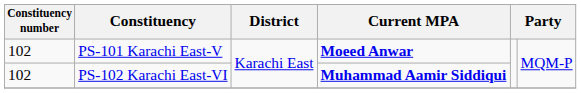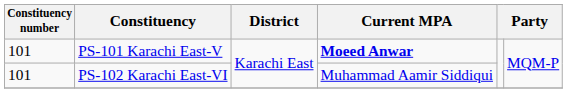 <table class="wikitable">
 <tr>
 <th width="50px" style="font-size:75%">Constituency number</th>
 <th>Constituency</th>
 <th>District</th>
 <th>Current MPA</th>
 <th colspan="2">Party</th>
 </tr>
 <tr>
-<td>102</td>
+<td>101</td>
 <td><a href='#'>PS-101 Karachi East-V</a></td>
 <td rowspan="2"><a href='#'>Karachi East</a></td>
 <td><strong><a href='#'>Moeed Anwar</a></strong></td>
 <td rowspan="2"></td>
 <td rowspan="2"><a href='#'>MQM-P</a></td>
 </tr>
 <tr>
-<td>102</td>
+<td>101</td>
 <td><a href='#'>PS-102 Karachi East-VI</a></td>
-<td><strong><a href='#'>Muhammad Aamir Siddiqui</a></strong></td>
+<td><a href='#'>Muhammad Aamir Siddiqui</a></td>
 </tr>
 <tr>
 </tr>
 </table>
